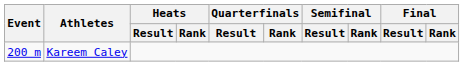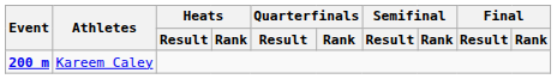 <table class="wikitable" border="1" style="font-size:90%">
 <tr>
 <th rowspan="2">Event</th>
 <th rowspan="2">Athletes</th>
 <th colspan="2">Heats</th>
 <th colspan="2">Quarterfinals</th>
 <th colspan="2">Semifinal</th>
 <th colspan="2">Final</th>
 </tr>
 <tr>
 <th>Result</th>
 <th>Rank</th>
 <th>Result</th>
 <th>Rank</th>
 <th>Result</th>
 <th>Rank</th>
 <th>Result</th>
 <th>Rank</th>
 </tr>
 <tr>
-<td><a href='#'>200 m</a></td>
+<td><strong><a href='#'>200 m</a></strong></td>
 <td><a href='#'>Kareem Caley</a></td>
 <td align=center colspan=8></td>
 </tr>
 </table>
